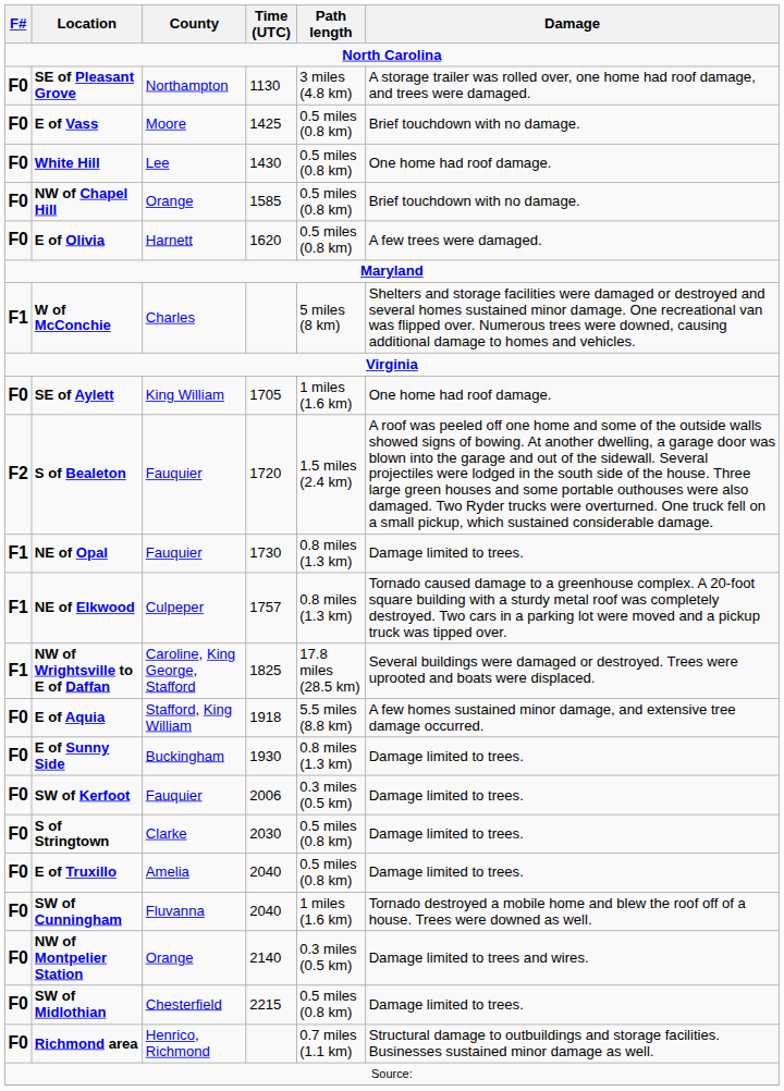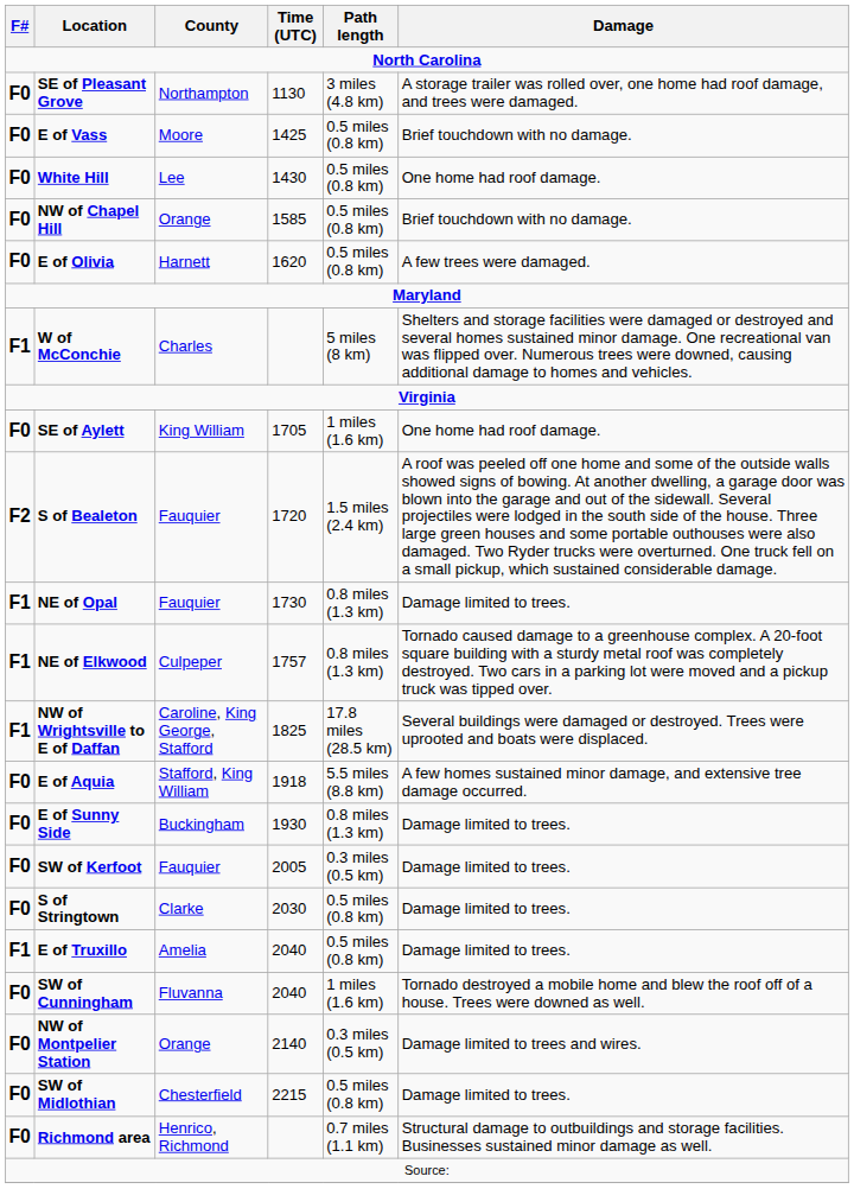 <table class="wikitable">
 <tr>
 <th><a href='#'>F#</a></th>
 <th>Location</th>
 <th>County</th>
 <th>Time (UTC)</th>
 <th>Path length</th>
 <th>Damage</th>
 </tr>
 <tr>
 <td colspan="7" align=center><strong><a href='#'>North Carolina</a></strong></td>
 </tr>
 <tr>
 <td><big><strong>F0</strong></big></td>
 <td><strong>SE of <a href='#'>Pleasant Grove</a></strong></td>
 <td><a href='#'>Northampton</a></td>
 <td>1130</td>
 <td>3 miles <br>(4.8 km)</td>
 <td>A storage trailer was rolled over, one home had roof damage, and trees were damaged.</td>
 </tr>
 <tr>
 <td><big><strong>F0</strong></big></td>
 <td><strong>E of <a href='#'>Vass</a></strong></td>
 <td><a href='#'>Moore</a></td>
 <td>1425</td>
 <td>0.5 miles <br>(0.8 km)</td>
 <td>Brief touchdown with no damage.</td>
 </tr>
 <tr>
 <td><big><strong>F0</strong></big></td>
 <td><strong><a href='#'>White Hill</a></strong></td>
 <td><a href='#'>Lee</a></td>
 <td>1430</td>
 <td>0.5 miles <br>(0.8 km)</td>
 <td>One home had roof damage.</td>
 </tr>
 <tr>
 <td><big><strong>F0</strong></big></td>
 <td><strong>NW of <a href='#'>Chapel Hill</a></strong></td>
 <td><a href='#'>Orange</a></td>
 <td>1585</td>
 <td>0.5 miles <br>(0.8 km)</td>
 <td>Brief touchdown with no damage.</td>
 </tr>
 <tr>
 <td><big><strong>F0</strong></big></td>
 <td><strong>E of <a href='#'>Olivia</a></strong></td>
 <td><a href='#'>Harnett</a></td>
 <td>1620</td>
 <td>0.5 miles <br>(0.8 km)</td>
 <td>A few trees were damaged.</td>
 </tr>
 <tr>
 <td colspan="7" align=center><strong><a href='#'>Maryland</a></strong></td>
 </tr>
 <tr>
 <td><big><strong>F1</strong></big></td>
 <td><strong>W of <a href='#'>McConchie</a></strong></td>
 <td><a href='#'>Charles</a></td>
 <td></td>
 <td>5 miles <br>(8 km)</td>
 <td>Shelters and storage facilities were damaged or destroyed and several homes sustained minor damage. One recreational van was flipped over. Numerous trees were downed, causing additional damage to homes and vehicles.</td>
 </tr>
 <tr>
 <td colspan="7" align=center><strong><a href='#'>Virginia</a></strong></td>
 </tr>
 <tr>
 <td><big><strong>F0</strong></big></td>
 <td><strong>SE of <a href='#'>Aylett</a></strong></td>
 <td><a href='#'>King William</a></td>
 <td>1705</td>
 <td>1 miles <br>(1.6 km)</td>
 <td>One home had roof damage.</td>
 </tr>
 <tr>
 <td><big><strong>F2</strong></big></td>
 <td><strong>S of <a href='#'>Bealeton</a></strong></td>
 <td><a href='#'>Fauquier</a></td>
 <td>1720</td>
 <td>1.5 miles <br>(2.4 km)</td>
 <td>A roof was peeled off one home and some of the outside walls showed signs of bowing. At another dwelling, a garage door was blown into the garage and out of the sidewall. Several projectiles were lodged in the south side of the house. Three large green houses and some portable outhouses were also damaged. Two Ryder trucks were overturned. One truck fell on a small pickup, which sustained considerable damage.</td>
 </tr>
 <tr>
 <td><big><strong>F1</strong></big></td>
 <td><strong>NE of <a href='#'>Opal</a></strong></td>
 <td><a href='#'>Fauquier</a></td>
 <td>1730</td>
 <td>0.8 miles <br>(1.3 km)</td>
 <td>Damage limited to trees.</td>
 </tr>
 <tr>
 <td><big><strong>F1</strong></big></td>
 <td><strong>NE of <a href='#'>Elkwood</a></strong></td>
 <td><a href='#'>Culpeper</a></td>
 <td>1757</td>
 <td>0.8 miles <br>(1.3 km)</td>
 <td>Tornado caused damage to a greenhouse complex. A 20-foot square building with a sturdy metal roof was completely destroyed. Two cars in a parking lot were moved and a pickup truck was tipped over.</td>
 </tr>
 <tr>
 <td><big><strong>F1</strong></big></td>
 <td><strong>NW of <a href='#'>Wrightsville</a> to E of <a href='#'>Daffan</a></strong></td>
 <td><a href='#'>Caroline</a>, <a href='#'>King George</a>, <a href='#'>Stafford</a></td>
 <td>1825</td>
 <td>17.8 miles <br>(28.5 km)</td>
 <td>Several buildings were damaged or destroyed. Trees were uprooted and boats were displaced.</td>
 </tr>
 <tr>
 <td><big><strong>F0</strong></big></td>
 <td><strong>E of <a href='#'>Aquia</a></strong></td>
 <td><a href='#'>Stafford</a>, <a href='#'>King William</a></td>
 <td>1918</td>
 <td>5.5 miles <br>(8.8 km)</td>
 <td>A few homes sustained minor damage, and extensive tree damage occurred.</td>
 </tr>
 <tr>
 <td><big><strong>F0</strong></big></td>
 <td><strong>E of <a href='#'>Sunny Side</a></strong></td>
 <td><a href='#'>Buckingham</a></td>
 <td>1930</td>
 <td>0.8 miles <br>(1.3 km)</td>
 <td>Damage limited to trees.</td>
 </tr>
 <tr>
 <td><big><strong>F0</strong></big></td>
 <td><strong>SW of <a href='#'>Kerfoot</a></strong></td>
 <td><a href='#'>Fauquier</a></td>
-<td>2006</td>
+<td>2005</td>
 <td>0.3 miles <br>(0.5 km)</td>
 <td>Damage limited to trees.</td>
 </tr>
 <tr>
 <td><big><strong>F0</strong></big></td>
 <td><strong>S of Stringtown</strong></td>
 <td><a href='#'>Clarke</a></td>
 <td>2030</td>
 <td>0.5 miles <br>(0.8 km)</td>
 <td>Damage limited to trees.</td>
 </tr>
 <tr>
-<td><big><strong>F0</strong></big></td>
+<td><big><strong>F1</strong></big></td>
 <td><strong>E of <a href='#'>Truxillo</a></strong></td>
 <td><a href='#'>Amelia</a></td>
 <td>2040</td>
 <td>0.5 miles <br>(0.8 km)</td>
 <td>Damage limited to trees.</td>
 </tr>
 <tr>
 <td><big><strong>F0</strong></big></td>
 <td><strong>SW of <a href='#'>Cunningham</a></strong></td>
 <td><a href='#'>Fluvanna</a></td>
 <td>2040</td>
 <td>1 miles <br>(1.6 km)</td>
 <td>Tornado destroyed a mobile home and blew the roof off of a house. Trees were downed as well.</td>
 </tr>
 <tr>
 <td><big><strong>F0</strong></big></td>
 <td><strong>NW of <a href='#'>Montpelier Station</a></strong></td>
 <td><a href='#'>Orange</a></td>
 <td>2140</td>
 <td>0.3 miles <br>(0.5 km)</td>
 <td>Damage limited to trees and wires.</td>
 </tr>
 <tr>
 <td><big><strong>F0</strong></big></td>
 <td><strong>SW of <a href='#'>Midlothian</a></strong></td>
 <td><a href='#'>Chesterfield</a></td>
 <td>2215</td>
 <td>0.5 miles <br>(0.8 km)</td>
 <td>Damage limited to trees.</td>
 </tr>
 <tr>
 <td><big><strong>F0</strong></big></td>
 <td><strong><a href='#'>Richmond</a> area</strong></td>
 <td><a href='#'>Henrico</a>, <a href='#'>Richmond</a></td>
 <td></td>
 <td>0.7 miles <br>(1.1 km)</td>
 <td>Structural damage to outbuildings and storage facilities. Businesses sustained minor damage as well.</td>
 </tr>
 <tr>
 <td colspan="7" align=center><small>Source: </small></td>
 </tr>
 <tr>
 </tr>
 </table>
